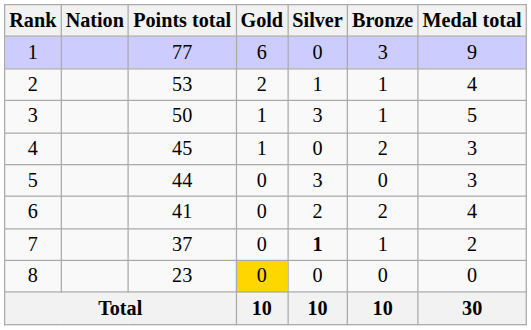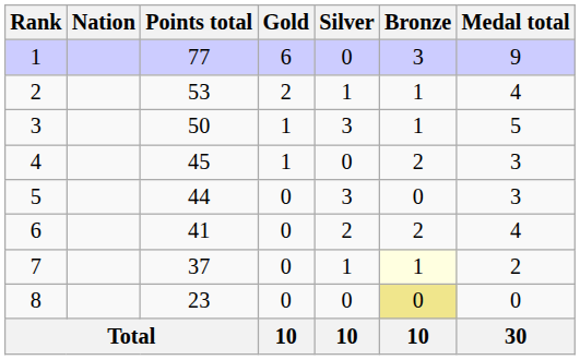 <table class=wikitable sortable style="text-align:center;">
 <tr>
 <th>Rank</th>
 <th>Nation</th>
 <th>Points total</th>
 <th>Gold</th>
 <th>Silver</th>
 <th>Bronze</th>
 <th>Medal total</th>
 </tr>
 <tr style="background-color:#ccccff">
 <td>1</td>
 <td align=left></td>
 <td>77</td>
 <td>6</td>
 <td>0</td>
 <td>3</td>
 <td>9</td>
 </tr>
 <tr>
 <td>2</td>
 <td align=left></td>
 <td>53</td>
 <td>2</td>
 <td>1</td>
 <td>1</td>
 <td>4</td>
 </tr>
 <tr>
 <td>3</td>
 <td align=left></td>
 <td>50</td>
 <td>1</td>
 <td>3</td>
 <td>1</td>
 <td>5</td>
 </tr>
 <tr>
 <td>4</td>
 <td align=left></td>
 <td>45</td>
 <td>1</td>
 <td>0</td>
 <td>2</td>
 <td>3</td>
 </tr>
 <tr>
 <td>5</td>
 <td align=left></td>
 <td>44</td>
 <td>0</td>
 <td>3</td>
 <td>0</td>
 <td>3</td>
 </tr>
 <tr>
 <td>6</td>
 <td align=left></td>
 <td>41</td>
 <td>0</td>
 <td>2</td>
 <td>2</td>
 <td>4</td>
 </tr>
 <tr>
 <td>7</td>
 <td align=left></td>
 <td>37</td>
 <td>0</td>
-<td><strong>1</strong></td>
 <td>1</td>
+<td style="background: lightyellow;">1</td>
 <td>2</td>
 </tr>
 <tr>
 <td>8</td>
 <td align=left></td>
 <td>23</td>
-<td style="background: gold;">0</td>
 <td>0</td>
 <td>0</td>
+<td style="background: khaki;">0</td>
 <td>0</td>
 </tr>
 <tr class="sortbottom">
 <th colspan=3>Total</th>
 <th>10</th>
 <th>10</th>
 <th>10</th>
 <th>30</th>
 </tr>
 </table>
